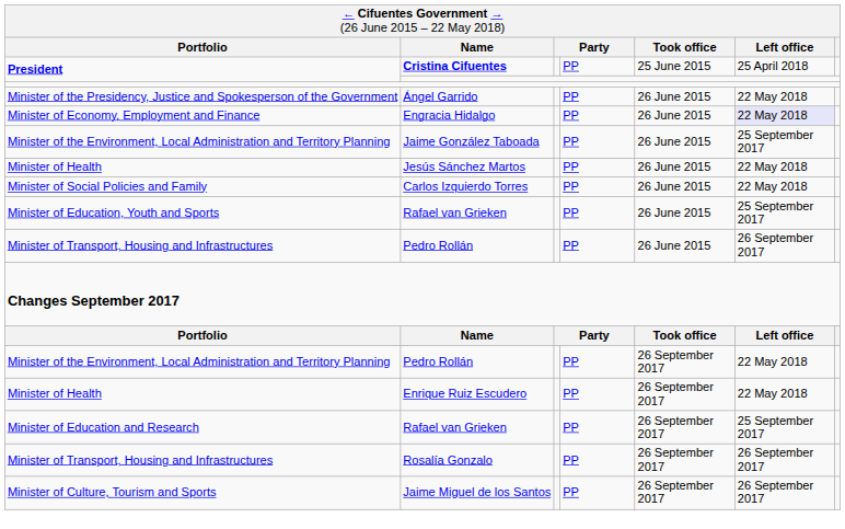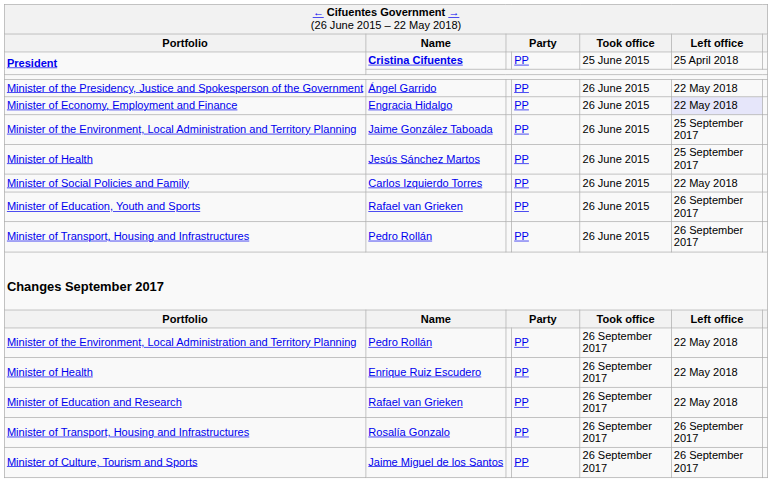 <table class="wikitable">
 <tr>
 <td colspan="7" bgcolor="#F2F2F2" align="center"><a href='#'>←</a> <strong>Cifuentes Government</strong> <a href='#'>→</a><br>(26 June 2015 – 22 May 2018)</td>
 </tr>
 <tr>
 <th>Portfolio</th>
 <th>Name</th>
 <th width="100px" colspan="2">Party</th>
 <th width="125px">Took office</th>
 <th width="125px">Left office</th>
 <th></th>
 </tr>
 <tr>
 <td rowspan="2"><strong><a href='#'>President</a></strong></td>
 <td><strong><a href='#'>Cristina Cifuentes</a></strong></td>
 <td width="1" style="background-color:"></td>
 <td><a href='#'>PP</a></td>
 <td>25 June 2015</td>
 <td>25 April 2018</td>
 <td align="center"></td>
 </tr>
 <tr>
 <td colspan="6"></td>
 </tr>
 <tr>
 <td colspan="7"></td>
 </tr>
 <tr>
 <td><a href='#'>Minister of the Presidency, Justice and Spokesperson of the Government</a></td>
 <td><a href='#'>Ángel Garrido</a></td>
 <td style="background-color:"></td>
 <td><a href='#'>PP</a></td>
 <td>26 June 2015</td>
 <td>22 May 2018</td>
 <td align="center"></td>
 </tr>
 <tr>
 <td><a href='#'>Minister of Economy, Employment and Finance</a></td>
 <td><a href='#'>Engracia Hidalgo</a></td>
 <td style="background-color:"></td>
 <td><a href='#'>PP</a></td>
 <td>26 June 2015</td>
 <td style="background: lavender;">22 May 2018</td>
 <td align="center"></td>
 </tr>
 <tr>
 <td><a href='#'>Minister of the Environment, Local Administration and Territory Planning</a></td>
 <td><a href='#'>Jaime González Taboada</a></td>
 <td style="background-color:"></td>
 <td><a href='#'>PP</a></td>
 <td>26 June 2015</td>
 <td>25 September 2017</td>
 <td align="center"></td>
 </tr>
 <tr>
 <td><a href='#'>Minister of Health</a></td>
 <td><a href='#'>Jesús Sánchez Martos</a></td>
 <td style="background-color:"></td>
 <td><a href='#'>PP</a> </td>
 <td>26 June 2015</td>
-<td>22 May 2018</td>
+<td>25 September 2017</td>
 <td align="center"></td>
 </tr>
 <tr>
 <td><a href='#'>Minister of Social Policies and Family</a></td>
 <td><a href='#'>Carlos Izquierdo Torres</a></td>
 <td style="background-color:"></td>
 <td><a href='#'>PP</a></td>
 <td>26 June 2015</td>
 <td>22 May 2018</td>
 <td align="center"></td>
 </tr>
 <tr>
 <td><a href='#'>Minister of Education, Youth and Sports</a></td>
 <td><a href='#'>Rafael van Grieken</a></td>
 <td style="background-color:"></td>
 <td><a href='#'>PP</a> </td>
 <td>26 June 2015</td>
-<td>25 September 2017</td>
+<td>26 September 2017</td>
 <td align="center"></td>
 </tr>
 <tr>
 <td><a href='#'>Minister of Transport, Housing and Infrastructures</a></td>
 <td><a href='#'>Pedro Rollán</a></td>
 <td style="background-color:"></td>
 <td><a href='#'>PP</a></td>
 <td>26 June 2015</td>
 <td>26 September 2017</td>
 <td align="center"></td>
 </tr>
 <tr>
 <td colspan="7"><br><h3>Changes September 2017</h3></td>
 </tr>
 <tr>
 <th>Portfolio</th>
 <th>Name</th>
 <th colspan="2">Party</th>
 <th>Took office</th>
 <th>Left office</th>
 <th></th>
 </tr>
 <tr>
 <td><a href='#'>Minister of the Environment, Local Administration and Territory Planning</a></td>
 <td><a href='#'>Pedro Rollán</a></td>
 <td style="background-color:"></td>
 <td><a href='#'>PP</a></td>
 <td>26 September 2017</td>
 <td>22 May 2018</td>
 <td align="center"></td>
 </tr>
 <tr>
 <td><a href='#'>Minister of Health</a></td>
 <td><a href='#'>Enrique Ruiz Escudero</a></td>
 <td style="background-color:"></td>
 <td><a href='#'>PP</a></td>
 <td>26 September 2017</td>
 <td>22 May 2018</td>
 <td align="center"></td>
 </tr>
 <tr>
 <td><a href='#'>Minister of Education and Research</a></td>
 <td><a href='#'>Rafael van Grieken</a></td>
 <td style="background-color:"></td>
 <td><a href='#'>PP</a> </td>
 <td>26 September 2017</td>
-<td>25 September 2017</td>
+<td>22 May 2018</td>
 <td align="center"></td>
 </tr>
 <tr>
 <td><a href='#'>Minister of Transport, Housing and Infrastructures</a></td>
 <td><a href='#'>Rosalía Gonzalo</a></td>
 <td style="background-color:"></td>
 <td><a href='#'>PP</a></td>
 <td>26 September 2017</td>
 <td>26 September 2017</td>
 <td align="center"></td>
 </tr>
 <tr>
 <td><a href='#'>Minister of Culture, Tourism and Sports</a></td>
 <td><a href='#'>Jaime Miguel de los Santos</a></td>
 <td style="background-color:"></td>
 <td><a href='#'>PP</a> </td>
 <td>26 September 2017</td>
 <td>26 September 2017</td>
 <td align="center"></td>
 </tr>
 </table>
